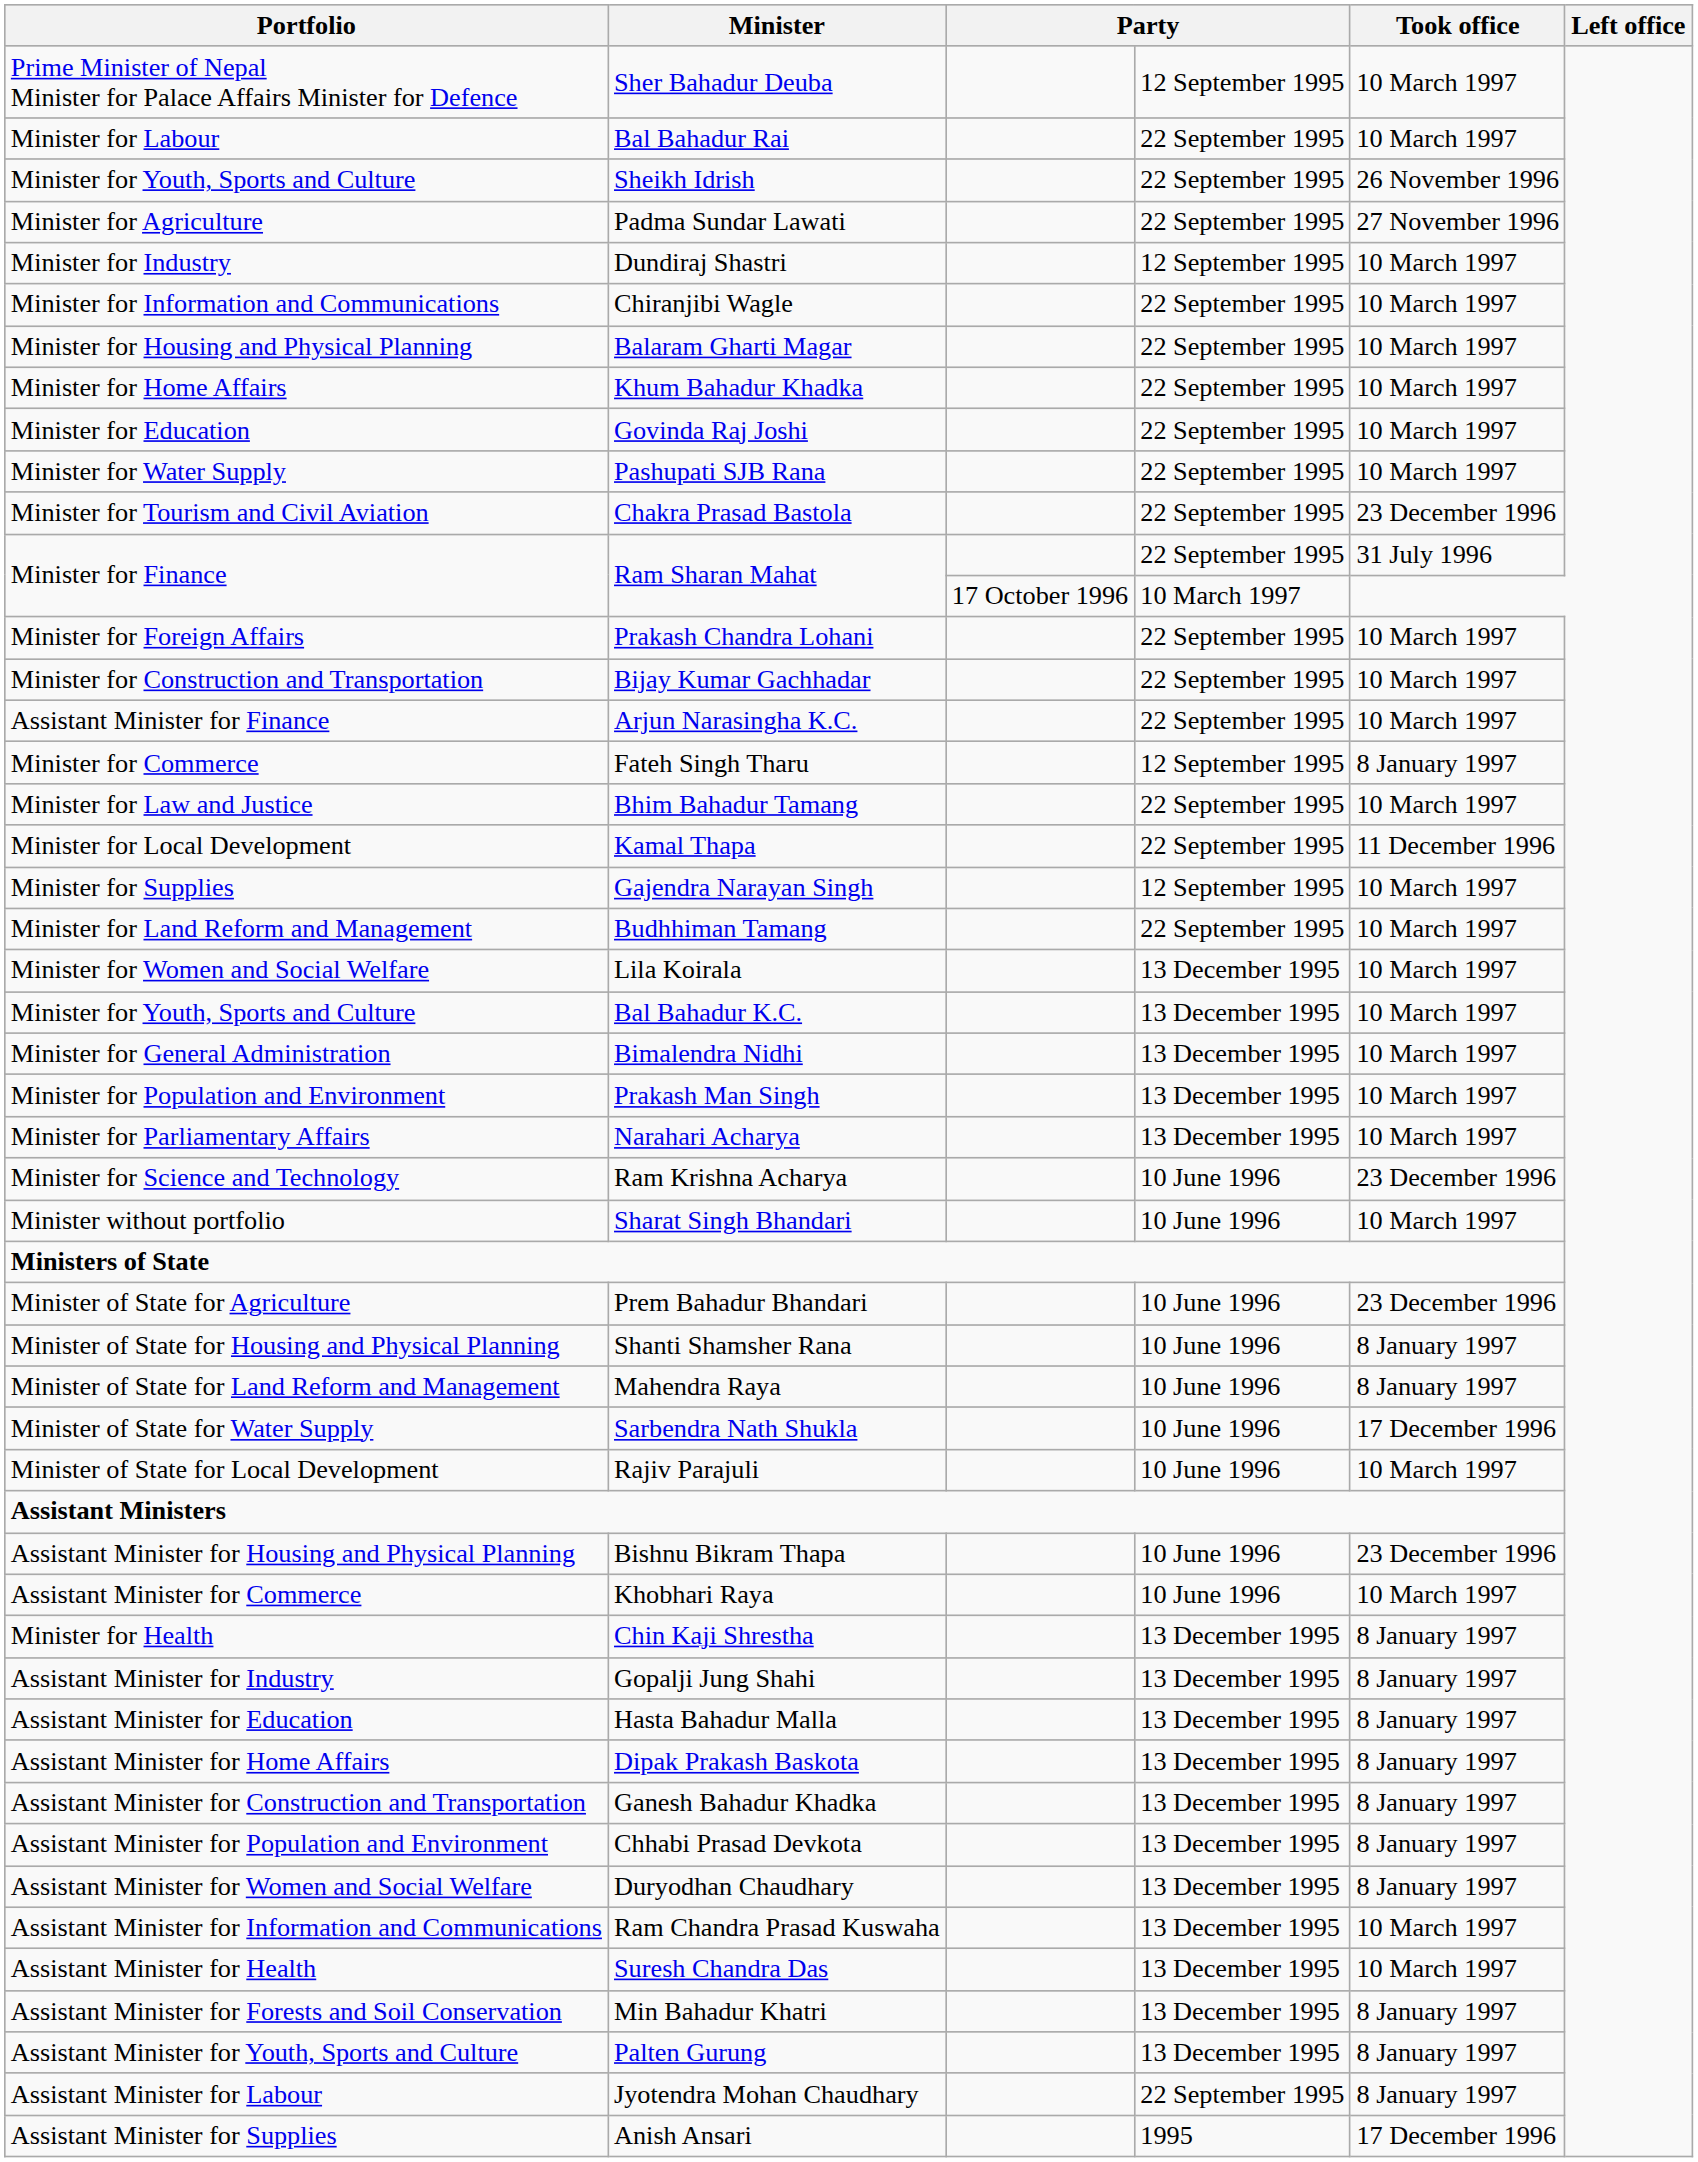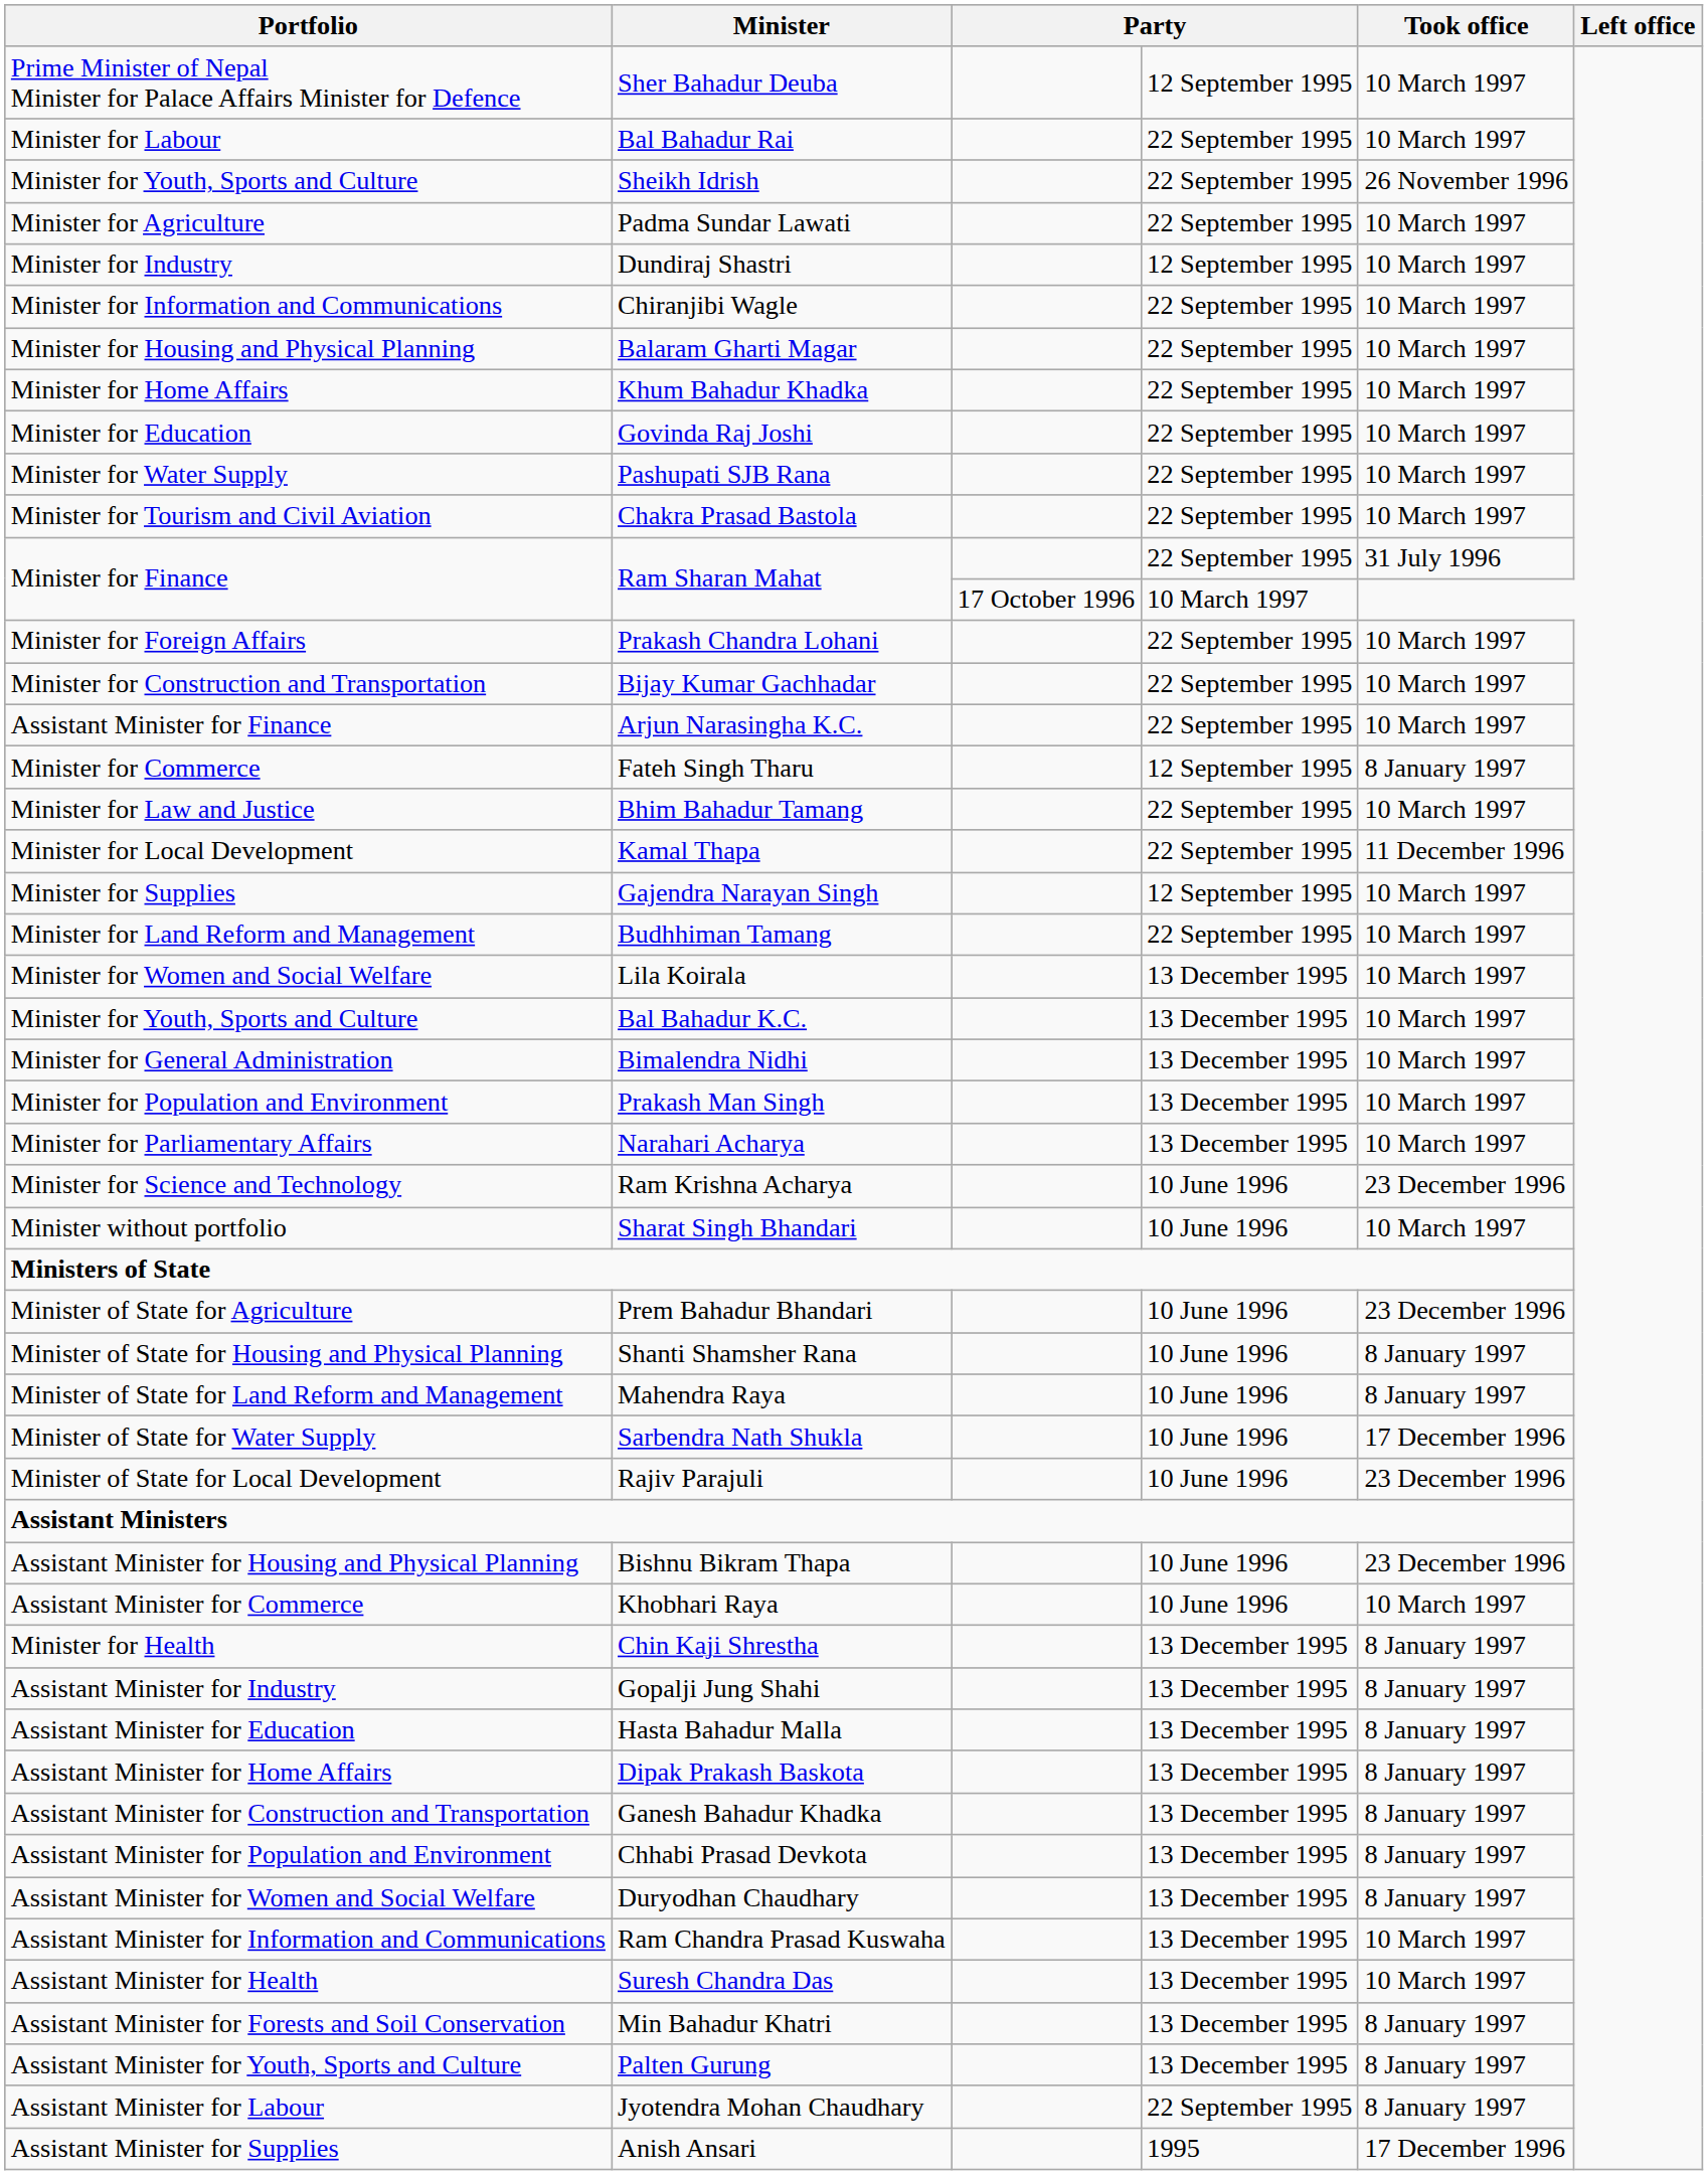 <table class="wikitable">
 <tr>
 <th>Portfolio</th>
 <th>Minister</th>
 <th colspan="2">Party</th>
 <th>Took office</th>
 <th>Left office</th>
 </tr>
 <tr>
 <td><a href='#'>Prime Minister of Nepal</a><br>Minister for Palace Affairs Minister for <a href='#'>Defence</a></td>
 <td><a href='#'>Sher Bahadur Deuba</a></td>
 <td></td>
 <td>12 September 1995</td>
 <td>10 March 1997</td>
 </tr>
 <tr>
 <td>Minister for <a href='#'>Labour</a></td>
 <td><a href='#'>Bal Bahadur Rai</a></td>
 <td></td>
 <td>22 September 1995</td>
 <td>10 March 1997</td>
 </tr>
 <tr>
 <td>Minister for <a href='#'>Youth, Sports and Culture</a></td>
 <td><a href='#'>Sheikh Idrish</a></td>
 <td></td>
 <td>22 September 1995</td>
 <td>26 November 1996</td>
 </tr>
 <tr>
 <td>Minister for <a href='#'>Agriculture</a></td>
 <td>Padma Sundar Lawati</td>
 <td></td>
 <td>22 September 1995</td>
-<td>27 November 1996</td>
+<td>10 March 1997</td>
 </tr>
 <tr>
 <td>Minister for <a href='#'>Industry</a></td>
 <td>Dundiraj Shastri</td>
 <td></td>
 <td>12 September 1995</td>
 <td>10 March 1997</td>
 </tr>
 <tr>
 <td>Minister for <a href='#'>Information and Communications</a></td>
 <td>Chiranjibi Wagle</td>
 <td></td>
 <td>22 September 1995</td>
 <td>10 March 1997</td>
 </tr>
 <tr>
 <td>Minister for <a href='#'>Housing and Physical Planning</a></td>
 <td><a href='#'>Balaram Gharti Magar</a></td>
 <td></td>
 <td>22 September 1995</td>
 <td>10 March 1997</td>
 </tr>
 <tr>
 <td>Minister for <a href='#'>Home Affairs</a></td>
 <td><a href='#'>Khum Bahadur Khadka</a></td>
 <td></td>
 <td>22 September 1995</td>
 <td>10 March 1997</td>
 </tr>
 <tr>
 <td>Minister for <a href='#'>Education</a></td>
 <td><a href='#'>Govinda Raj Joshi</a></td>
 <td></td>
 <td>22 September 1995</td>
 <td>10 March 1997</td>
 </tr>
 <tr>
 <td>Minister for <a href='#'>Water Supply</a></td>
 <td><a href='#'>Pashupati SJB Rana</a></td>
 <td></td>
 <td>22 September 1995</td>
 <td>10 March 1997</td>
 </tr>
 <tr>
 <td>Minister for <a href='#'>Tourism and Civil Aviation</a></td>
 <td><a href='#'>Chakra Prasad Bastola</a></td>
 <td></td>
 <td>22 September 1995</td>
-<td>23 December 1996</td>
+<td>10 March 1997</td>
 </tr>
 <tr>
 <td rowspan="2">Minister for <a href='#'>Finance</a></td>
 <td rowspan="2"><a href='#'>Ram Sharan Mahat</a></td>
 <td></td>
 <td>22 September 1995</td>
 <td>31 July 1996</td>
 </tr>
 <tr>
 <td>17 October 1996</td>
 <td>10 March 1997</td>
 </tr>
 <tr>
 <td>Minister for <a href='#'>Foreign Affairs</a></td>
 <td><a href='#'>Prakash Chandra Lohani</a></td>
 <td></td>
 <td>22 September 1995</td>
 <td>10 March 1997</td>
 </tr>
 <tr>
 <td>Minister for <a href='#'>Construction and Transportation</a></td>
 <td><a href='#'>Bijay Kumar Gachhadar</a></td>
 <td></td>
 <td>22 September 1995</td>
 <td>10 March 1997</td>
 </tr>
 <tr>
 <td>Assistant Minister for <a href='#'>Finance</a></td>
 <td><a href='#'>Arjun Narasingha K.C.</a></td>
 <td></td>
 <td>22 September 1995</td>
 <td>10 March 1997</td>
 </tr>
 <tr>
 <td>Minister for <a href='#'>Commerce</a></td>
 <td>Fateh Singh Tharu</td>
 <td></td>
 <td>12 September 1995</td>
 <td>8 January 1997</td>
 </tr>
 <tr>
 <td>Minister for <a href='#'>Law and Justice</a></td>
 <td><a href='#'>Bhim Bahadur Tamang</a></td>
 <td></td>
 <td>22 September 1995</td>
 <td>10 March 1997</td>
 </tr>
 <tr>
 <td>Minister for Local Development</td>
 <td><a href='#'>Kamal Thapa</a></td>
 <td></td>
 <td>22 September 1995</td>
 <td>11 December 1996</td>
 </tr>
 <tr>
 <td>Minister for <a href='#'>Supplies</a></td>
 <td><a href='#'>Gajendra Narayan Singh</a></td>
 <td></td>
 <td>12 September 1995</td>
 <td>10 March 1997</td>
 </tr>
 <tr>
 <td>Minister for <a href='#'>Land Reform and Management</a></td>
 <td><a href='#'>Budhhiman Tamang</a></td>
 <td></td>
 <td>22 September 1995</td>
 <td>10 March 1997</td>
 </tr>
 <tr>
 <td>Minister for <a href='#'>Women and Social Welfare</a></td>
 <td>Lila Koirala</td>
 <td></td>
 <td>13 December 1995</td>
 <td>10 March 1997</td>
 </tr>
 <tr>
 <td>Minister for <a href='#'>Youth, Sports and Culture</a></td>
 <td><a href='#'>Bal Bahadur K.C.</a></td>
 <td></td>
 <td>13 December 1995</td>
 <td>10 March 1997</td>
 </tr>
 <tr>
 <td>Minister for <a href='#'>General Administration</a></td>
 <td><a href='#'>Bimalendra Nidhi</a></td>
 <td></td>
 <td>13 December 1995</td>
 <td>10 March 1997</td>
 </tr>
 <tr>
 <td>Minister for <a href='#'>Population and Environment</a></td>
 <td><a href='#'>Prakash Man Singh</a></td>
 <td></td>
 <td>13 December 1995</td>
 <td>10 March 1997</td>
 </tr>
 <tr>
 <td>Minister for <a href='#'>Parliamentary Affairs</a></td>
 <td><a href='#'>Narahari Acharya</a></td>
 <td></td>
 <td>13 December 1995</td>
 <td>10 March 1997</td>
 </tr>
 <tr>
 <td>Minister for <a href='#'>Science and Technology</a></td>
 <td>Ram Krishna Acharya</td>
 <td></td>
 <td>10 June 1996</td>
 <td>23 December 1996</td>
 </tr>
 <tr>
 <td>Minister without portfolio</td>
 <td><a href='#'>Sharat Singh Bhandari</a></td>
 <td></td>
 <td>10 June 1996</td>
 <td>10 March 1997</td>
 </tr>
 <tr>
 <td colspan="5"><strong>Ministers of State</strong></td>
 </tr>
 <tr>
 <td>Minister of State for <a href='#'>Agriculture</a></td>
 <td>Prem Bahadur Bhandari</td>
 <td></td>
 <td>10 June 1996</td>
 <td>23 December 1996</td>
 </tr>
 <tr>
 <td>Minister of State for <a href='#'>Housing and Physical Planning</a></td>
 <td>Shanti Shamsher Rana</td>
 <td></td>
 <td>10 June 1996</td>
 <td>8 January 1997</td>
 </tr>
 <tr>
 <td>Minister of State for <a href='#'>Land Reform and Management</a></td>
 <td>Mahendra Raya</td>
 <td></td>
 <td>10 June 1996</td>
 <td>8 January 1997</td>
 </tr>
 <tr>
 <td>Minister of State for <a href='#'>Water Supply</a></td>
 <td><a href='#'>Sarbendra Nath Shukla</a></td>
 <td></td>
 <td>10 June 1996</td>
 <td>17 December 1996</td>
 </tr>
 <tr>
 <td>Minister of State for Local Development</td>
 <td>Rajiv Parajuli</td>
 <td></td>
 <td>10 June 1996</td>
-<td>10 March 1997</td>
+<td>23 December 1996</td>
 </tr>
 <tr>
 <td colspan="5"><strong>Assistant Ministers</strong></td>
 </tr>
 <tr>
 <td>Assistant Minister for <a href='#'>Housing and Physical Planning</a></td>
 <td>Bishnu Bikram Thapa</td>
 <td></td>
 <td>10 June 1996</td>
 <td>23 December 1996</td>
 </tr>
 <tr>
 <td>Assistant Minister for <a href='#'>Commerce</a></td>
 <td>Khobhari Raya</td>
 <td></td>
 <td>10 June 1996</td>
 <td>10 March 1997</td>
 </tr>
 <tr>
 <td>Minister for <a href='#'>Health</a></td>
 <td><a href='#'>Chin Kaji Shrestha</a></td>
 <td></td>
 <td>13 December 1995</td>
 <td>8 January 1997</td>
 </tr>
 <tr>
 <td>Assistant Minister for <a href='#'>Industry</a></td>
 <td>Gopalji Jung Shahi</td>
 <td></td>
 <td>13 December 1995</td>
 <td>8 January 1997</td>
 </tr>
 <tr>
 <td>Assistant Minister for <a href='#'>Education</a></td>
 <td>Hasta Bahadur Malla</td>
 <td></td>
 <td>13 December 1995</td>
 <td>8 January 1997</td>
 </tr>
 <tr>
 <td>Assistant Minister for <a href='#'>Home Affairs</a></td>
 <td><a href='#'>Dipak Prakash Baskota</a></td>
 <td></td>
 <td>13 December 1995</td>
 <td>8 January 1997</td>
 </tr>
 <tr>
 <td>Assistant Minister for <a href='#'>Construction and Transportation</a></td>
 <td>Ganesh Bahadur Khadka</td>
 <td></td>
 <td>13 December 1995</td>
 <td>8 January 1997</td>
 </tr>
 <tr>
 <td>Assistant Minister for <a href='#'>Population and Environment</a></td>
 <td>Chhabi Prasad Devkota</td>
 <td></td>
 <td>13 December 1995</td>
 <td>8 January 1997</td>
 </tr>
 <tr>
 <td>Assistant Minister for <a href='#'>Women and Social Welfare</a></td>
 <td>Duryodhan Chaudhary</td>
 <td></td>
 <td>13 December 1995</td>
 <td>8 January 1997</td>
 </tr>
 <tr>
 <td>Assistant Minister for <a href='#'>Information and Communications</a></td>
 <td>Ram Chandra Prasad Kuswaha</td>
 <td></td>
 <td>13 December 1995</td>
 <td>10 March 1997</td>
 </tr>
 <tr>
 <td>Assistant Minister for <a href='#'>Health</a></td>
 <td><a href='#'>Suresh Chandra Das</a></td>
 <td></td>
 <td>13 December 1995</td>
 <td>10 March 1997</td>
 </tr>
 <tr>
 <td>Assistant Minister for <a href='#'>Forests and Soil Conservation</a></td>
 <td>Min Bahadur Khatri</td>
 <td></td>
 <td>13 December 1995</td>
 <td>8 January 1997</td>
 </tr>
 <tr>
 <td>Assistant Minister for <a href='#'>Youth, Sports and Culture</a></td>
 <td><a href='#'>Palten Gurung</a></td>
 <td></td>
 <td>13 December 1995</td>
 <td>8 January 1997</td>
 </tr>
 <tr>
 <td>Assistant Minister for <a href='#'>Labour</a></td>
 <td>Jyotendra Mohan Chaudhary</td>
 <td></td>
 <td>22 September 1995</td>
 <td>8 January 1997</td>
 </tr>
 <tr>
 <td>Assistant Minister for <a href='#'>Supplies</a></td>
 <td>Anish Ansari</td>
 <td></td>
 <td>1995</td>
 <td>17 December 1996</td>
 </tr>
 </table>
